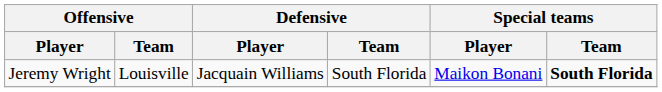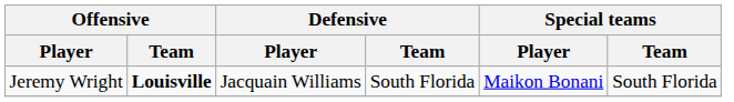 <table class="wikitable" border="1">
 <tr>
 <th colspan="2">Offensive</th>
 <th colspan="2">Defensive</th>
 <th colspan="2">Special teams</th>
 </tr>
 <tr>
 <th>Player</th>
 <th>Team</th>
 <th>Player</th>
 <th>Team</th>
 <th>Player</th>
 <th>Team</th>
 </tr>
 <tr>
 <td>Jeremy Wright</td>
-<td>Louisville</td>
+<td><strong>Louisville</strong></td>
 <td>Jacquain Williams</td>
 <td>South Florida</td>
 <td><a href='#'>Maikon Bonani</a></td>
-<td><strong>South Florida</strong></td>
+<td>South Florida</td>
 </tr>
 <tr>
 </tr>
 </table>
